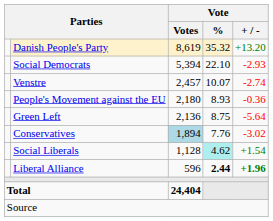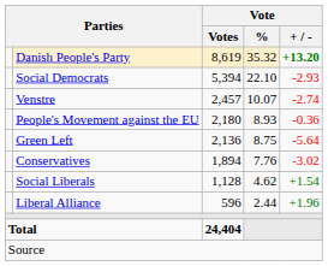 <table class="wikitable" style="text-align:right;">
 <tr>
 <th style="text-align:centre;" rowspan="2" colspan="2" width="225">Parties</th>
 <th colspan="3">Vote</th>
 </tr>
 <tr>
 <th width="15">Votes</th>
 <th width="15">%</th>
 <th width="15">+ / -</th>
 </tr>
 <tr>
 <td width="2" style="color:inherit;background:"></td>
 <td bgcolor=#fef2cc   align="left"><a href='#'>Danish People's Party</a></td>
 <td bgcolor=#fef2cc>8,619</td>
 <td bgcolor=#fef2cc>35.32</td>
-<td style=color:green;>+13.20</td>
+<td style=color:green;><strong>+13.20</strong></td>
 </tr>
 <tr>
 <td width="2" style="color:inherit;background:"></td>
 <td align="left"><a href='#'>Social Democrats</a></td>
 <td>5,394</td>
 <td>22.10</td>
 <td style=color:red;>-2.93</td>
 </tr>
 <tr>
 <td width="2" style="color:inherit;background:"></td>
 <td align="left"><a href='#'>Venstre</a></td>
 <td>2,457</td>
 <td>10.07</td>
 <td style=color:red;>-2.74</td>
 </tr>
 <tr>
 <td width="2" style="color:inherit;background:"></td>
 <td align="left"><a href='#'>People's Movement against the EU</a></td>
 <td>2,180</td>
 <td>8.93</td>
 <td style=color:red;>-0.36</td>
 </tr>
 <tr>
 <td width="2" style="color:inherit;background:"></td>
 <td align="left"><a href='#'>Green Left</a></td>
 <td>2,136</td>
 <td>8.75</td>
 <td style=color:red;>-5.64</td>
 </tr>
 <tr>
 <td width="2" style="color:inherit;background:"></td>
 <td align="left"><a href='#'>Conservatives</a></td>
-<td style="background: lightblue;">1,894</td>
+<td>1,894</td>
 <td>7.76</td>
 <td style=color:red;>-3.02</td>
 </tr>
 <tr>
 <td width="2" style="color:inherit;background:"></td>
 <td align="left"><a href='#'>Social Liberals</a></td>
 <td>1,128</td>
-<td style="background: paleturquoise;">4.62</td>
+<td>4.62</td>
 <td style=color:green;>+1.54</td>
 </tr>
 <tr>
 <td width="2" style="color:inherit;background:"></td>
 <td align="left"><a href='#'>Liberal Alliance</a></td>
 <td>596</td>
-<td><strong>2.44</strong></td>
-<td style=color:green;><strong>+1.96</strong></td>
+<td>2.44</td>
+<td style=color:green;>+1.96</td>
 </tr>
 <tr>
 <td colspan="7" bgcolor="#E9E9E9"></td>
 </tr>
 <tr>
 <td align="left" colspan="2"><strong>Total</strong></td>
 <td><strong>24,404</strong></td>
 <td bgcolor="#E9E9E9" colspan="2"></td>
 </tr>
 <tr>
 <td align="left" colspan="6">Source</td>
 </tr>
 </table>
